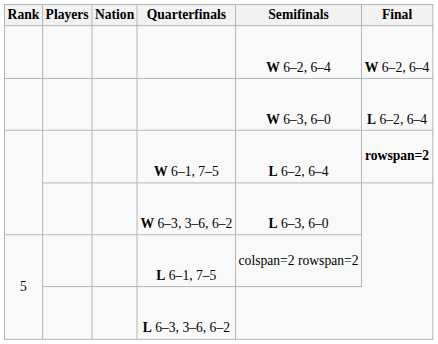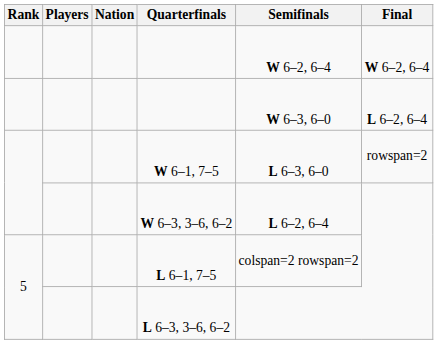 <table class="wikitable sortable" style="text-align:center">
 <tr>
 <th>Rank</th>
 <th>Players</th>
 <th>Nation</th>
 <th>Quarterfinals</th>
 <th>Semifinals</th>
 <th>Final</th>
 </tr>
 <tr>
 <td></td>
 <td align=left data-sort-value=Cooper></td>
 <td align=left></td>
 <td></td>
 <td><br> <br> <strong>W</strong> 6–2, 6–4</td>
 <td><br> <br> <strong>W</strong> 6–2, 6–4</td>
 </tr>
 <tr>
 <td></td>
 <td align=left data-sort-value=Prevost></td>
 <td align=left></td>
 <td></td>
 <td><br> <br> <strong>W</strong> 6–3, 6–0</td>
 <td><br> <br> <strong>L</strong> 6–2, 6–4</td>
 </tr>
 <tr>
 <td rowspan=2></td>
 <td align=left data-sort-value=JonesM></td>
 <td align=left></td>
 <td><br> <br> <strong>W</strong> 6–1, 7–5</td>
-<td><br> <br> <strong>L</strong> 6–2, 6–4</td>
-<td><strong>rowspan=2 </strong></td>
+<td><br> <br> <strong>L</strong> 6–3, 6–0</td>
+<td>rowspan=2 </td>
 </tr>
 <tr>
 <td align=left data-sort-value=Rosenbaumová></td>
 <td align=left></td>
 <td><br> <br> <strong>W</strong> 6–3, 3–6, 6–2</td>
-<td><br> <br> <strong>L</strong> 6–3, 6–0</td>
+<td><br> <br> <strong>L</strong> 6–2, 6–4</td>
 </tr>
 <tr>
 <td rowspan=2>5</td>
 <td align=left data-sort-value=JonesG></td>
 <td align=left></td>
 <td><br> <br> <strong>L</strong> 6–1, 7–5</td>
 <td>colspan=2 rowspan=2 </td>
 </tr>
 <tr>
 <td align=left data-sort-value=Gillou></td>
 <td align=left></td>
 <td><br> <br> <strong>L</strong> 6–3, 3–6, 6–2</td>
 </tr>
 </table>
